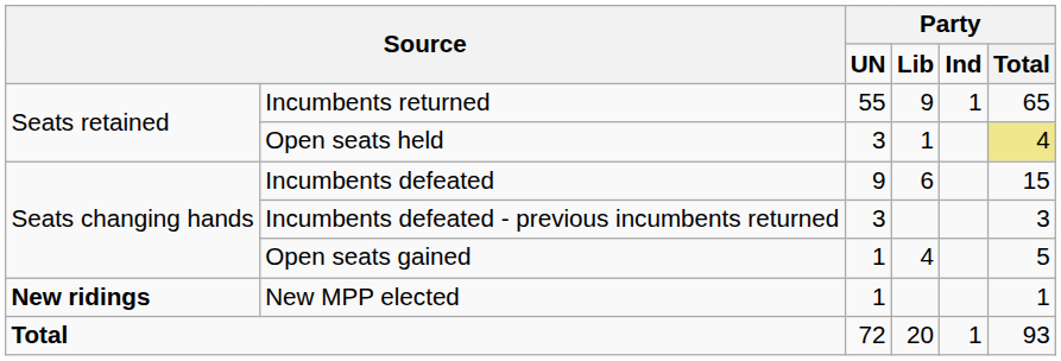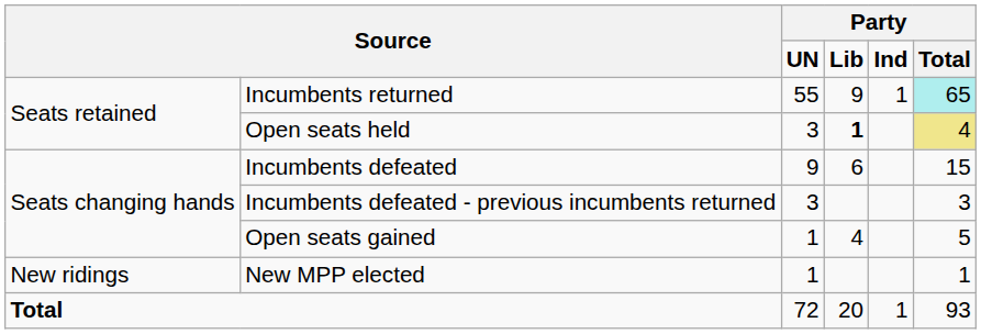 <table class="wikitable" style="text-align:right;">
 <tr>
 <th colspan="2" rowspan="2">Source</th>
 <th colspan="4">Party</th>
 </tr>
 <tr>
 <td><strong>UN</strong></td>
 <td><strong>Lib</strong></td>
 <td><strong>Ind</strong></td>
 <th>Total</th>
 </tr>
 <tr>
 <td rowspan="2" style="text-align:left;">Seats retained</td>
 <td style="text-align:left;">Incumbents returned</td>
 <td>55</td>
 <td>9</td>
 <td>1</td>
-<td>65</td>
+<td style="background: paleturquoise;">65</td>
 </tr>
 <tr>
 <td style="text-align:left;">Open seats held</td>
 <td>3</td>
-<td>1</td>
+<td><strong>1</strong></td>
 <td></td>
 <td style="background: khaki;">4</td>
 </tr>
 <tr>
 <td rowspan="3" style="text-align:left;">Seats changing hands</td>
 <td style="text-align:left;">Incumbents defeated</td>
 <td>9</td>
 <td>6</td>
 <td></td>
 <td>15</td>
 </tr>
 <tr>
 <td style="text-align:left;">Incumbents defeated - previous incumbents returned</td>
 <td>3</td>
 <td></td>
 <td></td>
 <td>3</td>
 </tr>
 <tr>
 <td style="text-align:left;">Open seats gained</td>
 <td>1</td>
 <td>4</td>
 <td></td>
 <td>5</td>
 </tr>
 <tr>
-<td style="text-align:left;"><strong>New ridings</strong></td>
+<td style="text-align:left;">New ridings</td>
 <td style="text-align:left;">New MPP elected</td>
 <td>1</td>
 <td></td>
 <td></td>
 <td>1</td>
 </tr>
 <tr>
 <td colspan="2" style="text-align:left;"><strong>Total</strong></td>
 <td>72</td>
 <td>20</td>
 <td>1</td>
 <td>93</td>
 </tr>
 </table>
